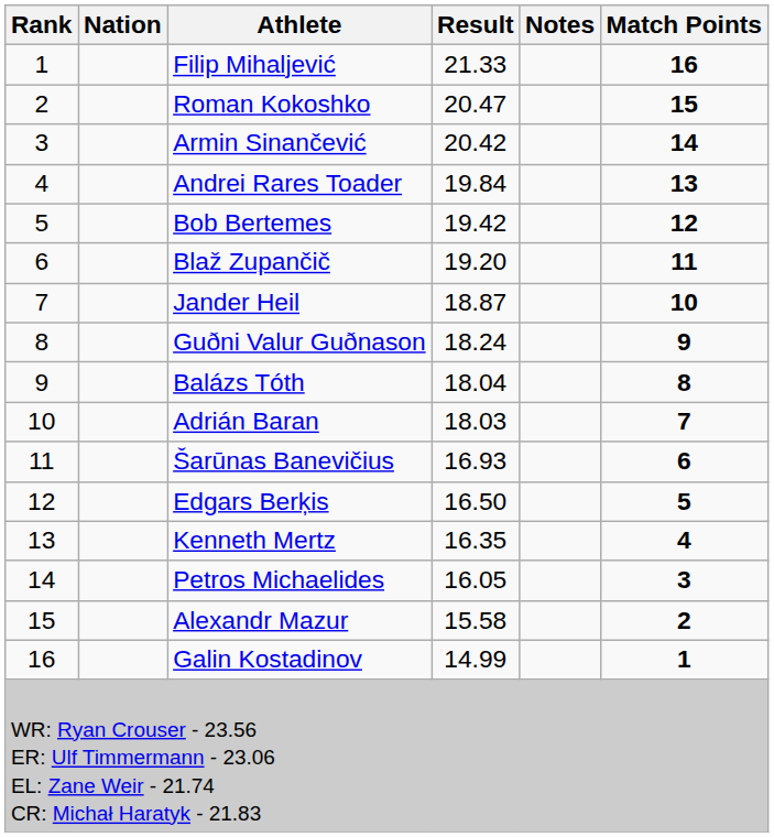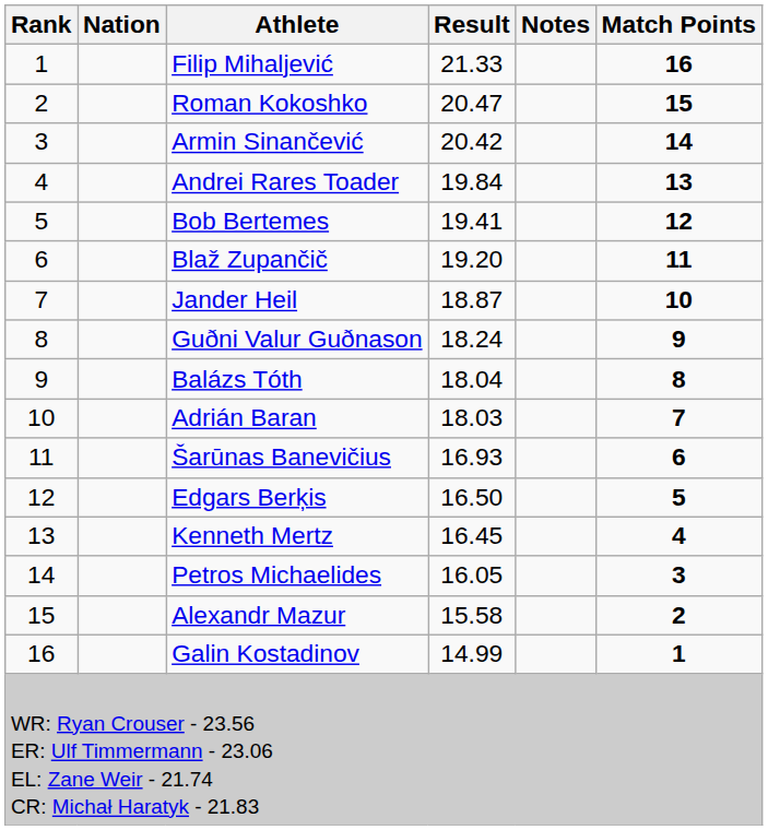 <table class="wikitable sortable" style="text-align:left;">
 <tr>
 <th>Rank</th>
 <th>Nation</th>
 <th>Athlete</th>
 <th>Result</th>
 <th>Notes</th>
 <th>Match Points</th>
 </tr>
 <tr>
 <td align=center>1</td>
 <td></td>
 <td><a href='#'>Filip Mihaljević</a></td>
 <td align=center>21.33</td>
 <td></td>
 <td align=center><strong>16</strong></td>
 </tr>
 <tr>
 <td align=center>2</td>
 <td></td>
 <td><a href='#'>Roman Kokoshko</a></td>
 <td align=center>20.47</td>
 <td></td>
 <td align=center><strong>15</strong></td>
 </tr>
 <tr>
 <td align=center>3</td>
 <td></td>
 <td><a href='#'>Armin Sinančević</a></td>
 <td align=center>20.42</td>
 <td></td>
 <td align=center><strong>14</strong></td>
 </tr>
 <tr>
 <td align=center>4</td>
 <td></td>
 <td><a href='#'>Andrei Rares Toader</a></td>
 <td align=center>19.84</td>
 <td></td>
 <td align=center><strong>13</strong></td>
 </tr>
 <tr>
 <td align=center>5</td>
 <td></td>
 <td><a href='#'>Bob Bertemes</a></td>
-<td align=center>19.42</td>
+<td align=center>19.41</td>
 <td></td>
 <td align=center><strong>12</strong></td>
 </tr>
 <tr>
 <td align=center>6</td>
 <td></td>
 <td><a href='#'>Blaž Zupančič</a></td>
 <td align=center>19.20</td>
 <td></td>
 <td align=center><strong>11</strong></td>
 </tr>
 <tr>
 <td align=center>7</td>
 <td></td>
 <td><a href='#'>Jander Heil</a></td>
 <td align=center>18.87</td>
 <td></td>
 <td align=center><strong>10</strong></td>
 </tr>
 <tr>
 <td align=center>8</td>
 <td></td>
 <td><a href='#'>Guðni Valur Guðnason</a></td>
 <td align=center>18.24</td>
 <td></td>
 <td align=center><strong>9</strong></td>
 </tr>
 <tr>
 <td align=center>9</td>
 <td></td>
 <td><a href='#'>Balázs Tóth</a></td>
 <td align=center>18.04</td>
 <td></td>
 <td align=center><strong>8</strong></td>
 </tr>
 <tr>
 <td align=center>10</td>
 <td></td>
 <td><a href='#'>Adrián Baran</a></td>
 <td align=center>18.03</td>
 <td align=center></td>
 <td align=center><strong>7</strong></td>
 </tr>
 <tr>
 <td align=center>11</td>
 <td></td>
 <td><a href='#'>Šarūnas Banevičius</a></td>
 <td align=center>16.93</td>
 <td></td>
 <td align=center><strong>6</strong></td>
 </tr>
 <tr>
 <td align=center>12</td>
 <td></td>
 <td><a href='#'>Edgars Berķis</a></td>
 <td align=center>16.50</td>
 <td align=center></td>
 <td align=center><strong>5</strong></td>
 </tr>
 <tr>
 <td align=center>13</td>
 <td></td>
 <td><a href='#'>Kenneth Mertz</a></td>
-<td align=center>16.35</td>
+<td align=center>16.45</td>
 <td></td>
 <td align=center><strong>4</strong></td>
 </tr>
 <tr>
 <td align=center>14</td>
 <td></td>
 <td><a href='#'>Petros Michaelides</a></td>
 <td align=center>16.05</td>
 <td></td>
 <td align=center><strong>3</strong></td>
 </tr>
 <tr>
 <td align=center>15</td>
 <td></td>
 <td><a href='#'>Alexandr Mazur</a></td>
 <td align=center>15.58</td>
 <td></td>
 <td align=center><strong>2</strong></td>
 </tr>
 <tr>
 <td align=center>16</td>
 <td></td>
 <td><a href='#'>Galin Kostadinov</a></td>
 <td align=center>14.99</td>
 <td></td>
 <td align=center><strong>1</strong></td>
 </tr>
 <tr>
 <td colspan="6" bgcolor="#cccccc"><br> <small>WR:   <a href='#'>Ryan Crouser</a> - 23.56<br>ER:  <a href='#'>Ulf Timmermann</a> - 23.06<br></small> <small>EL:   <a href='#'>Zane Weir</a> - 21.74<br>CR:  <a href='#'>Michał Haratyk</a> - 21.83</small></td>
 </tr>
 </table>
